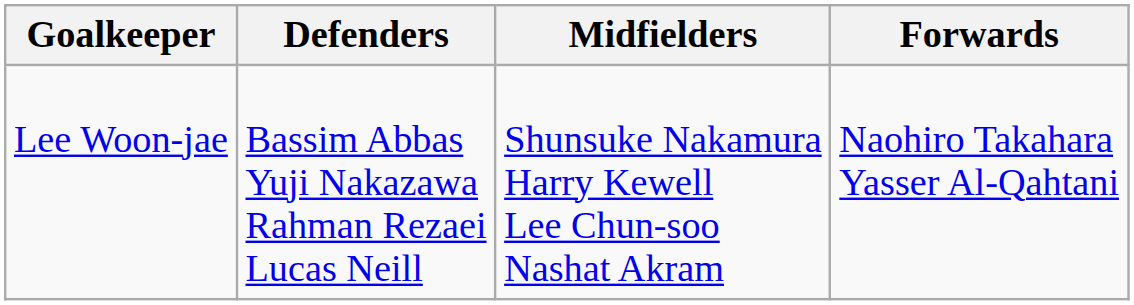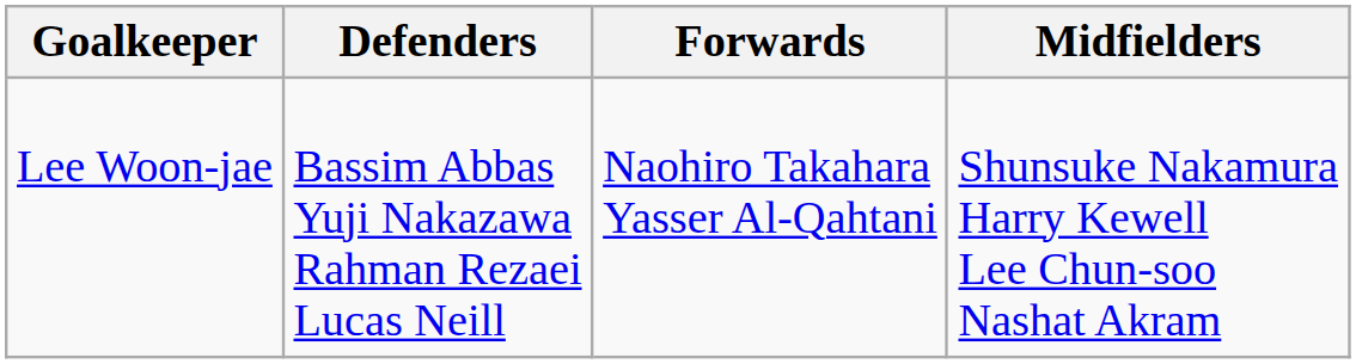 <table class="wikitable">
 <tr>
 <th>Goalkeeper</th>
 <th>Defenders</th>
+<th>Forwards</th>
 <th>Midfielders</th>
-<th>Forwards</th>
 </tr>
 <tr>
 <td valign=top><br> <a href='#'>Lee Woon-jae</a></td>
 <td valign=top><br> <a href='#'>Bassim Abbas</a><br>  <a href='#'>Yuji Nakazawa</a><br>  <a href='#'>Rahman Rezaei</a><br>  <a href='#'>Lucas Neill</a></td>
+<td valign=top><br> <a href='#'>Naohiro Takahara</a><br>  <a href='#'>Yasser Al-Qahtani</a></td>
 <td valign=top><br> <a href='#'>Shunsuke Nakamura</a><br>  <a href='#'>Harry Kewell</a><br>  <a href='#'>Lee Chun-soo</a><br>  <a href='#'>Nashat Akram</a></td>
-<td valign=top><br> <a href='#'>Naohiro Takahara</a><br>  <a href='#'>Yasser Al-Qahtani</a></td>
 </tr>
 </table>
